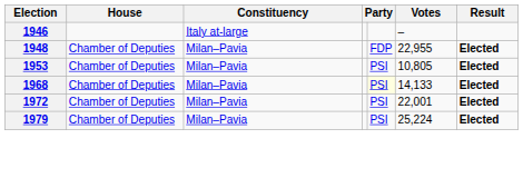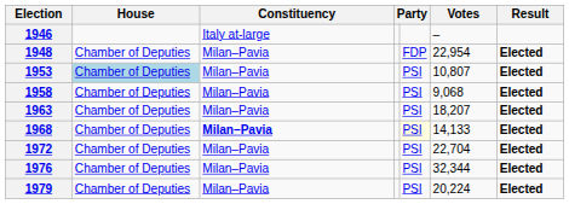 <table class=wikitable style="width:58%; border:1px #AAAAFF solid">
 <tr>
 <th width=12%>Election</th>
 <th width=23%>House</th>
 <th width=35%>Constituency</th>
 <th width=5% colspan="2">Party</th>
 <th width=12%>Votes</th>
 <th width=12%>Result</th>
 </tr>
 <tr>
 <th><a href='#'>1946</a></th>
 <td></td>
 <td><a href='#'>Italy at-large</a></td>
 <td></td>
 <td></td>
 <td>–</td>
 <td></td>
 </tr>
 <tr>
 <th><a href='#'>1948</a></th>
 <td><a href='#'>Chamber of Deputies</a></td>
 <td><a href='#'>Milan–Pavia</a></td>
 <td></td>
 <td><a href='#'>FDP</a></td>
-<td>22,955</td>
+<td>22,954</td>
 <td> <strong>Elected</strong></td>
 </tr>
 <tr>
 <th><a href='#'>1953</a></th>
+<td style="background: lightblue;"><a href='#'>Chamber of Deputies</a></td>
+<td><a href='#'>Milan–Pavia</a></td>
+<td></td>
+<td><a href='#'>PSI</a></td>
+<td>10,807</td>
+<td> <strong>Elected</strong></td>
+</tr>
+<tr>
+<th><a href='#'>1958</a></th>
 <td><a href='#'>Chamber of Deputies</a></td>
 <td><a href='#'>Milan–Pavia</a></td>
 <td></td>
 <td><a href='#'>PSI</a></td>
-<td>10,805</td>
+<td>9,068</td>
+<td> <strong>Elected</strong></td>
+</tr>
+<tr>
+<th><a href='#'>1963</a></th>
+<td><a href='#'>Chamber of Deputies</a></td>
+<td><a href='#'>Milan–Pavia</a></td>
+<td></td>
+<td><a href='#'>PSI</a></td>
+<td>18,207</td>
 <td> <strong>Elected</strong></td>
 </tr>
 <tr>
 <th><a href='#'>1968</a></th>
 <td><a href='#'>Chamber of Deputies</a></td>
-<td><a href='#'>Milan–Pavia</a></td>
+<td><strong><a href='#'>Milan–Pavia</a></strong></td>
 <td></td>
 <td style="background: lightyellow;"><a href='#'>PSI</a></td>
 <td>14,133</td>
 <td> <strong>Elected</strong></td>
 </tr>
 <tr>
 <th><a href='#'>1972</a></th>
 <td><a href='#'>Chamber of Deputies</a></td>
 <td><a href='#'>Milan–Pavia</a></td>
 <td></td>
 <td><a href='#'>PSI</a></td>
-<td>22,001</td>
+<td>22,704</td>
+<td> <strong>Elected</strong></td>
+</tr>
+<tr>
+<th><a href='#'>1976</a></th>
+<td><a href='#'>Chamber of Deputies</a></td>
+<td><a href='#'>Milan–Pavia</a></td>
+<td></td>
+<td><a href='#'>PSI</a></td>
+<td>32,344</td>
 <td> <strong>Elected</strong></td>
 </tr>
 <tr>
 <th><a href='#'>1979</a></th>
 <td><a href='#'>Chamber of Deputies</a></td>
 <td><a href='#'>Milan–Pavia</a></td>
 <td></td>
 <td><a href='#'>PSI</a></td>
-<td>25,224</td>
+<td>20,224</td>
 <td> <strong>Elected</strong></td>
 </tr>
 </table>
